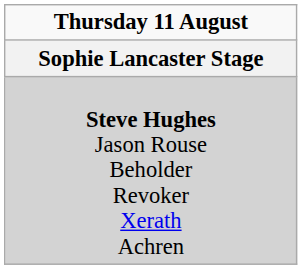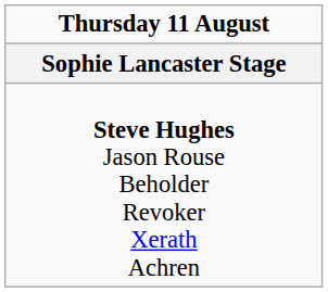 <table class="wikitable">
 <tr>
 <td colspan="1" align="center"><strong>Thursday 11 August</strong></td>
 </tr>
 <tr>
 <th>Sophie Lancaster Stage</th>
 </tr>
 <tr>
-<td valign="top" align="center" width=200 style="background: lightgrey;"><br><strong>Steve Hughes</strong><br> Jason Rouse<br> Beholder<br> Revoker<br> <a href='#'>Xerath</a><br> Achren<br></td>
+<td valign="top" align="center" width=200><br><strong>Steve Hughes</strong><br> Jason Rouse<br> Beholder<br> Revoker<br> <a href='#'>Xerath</a><br> Achren<br></td>
 </tr>
 </table>
